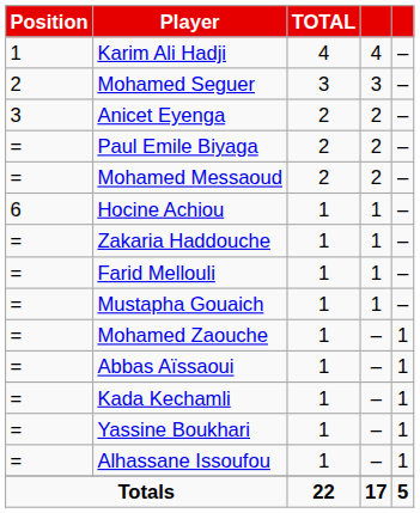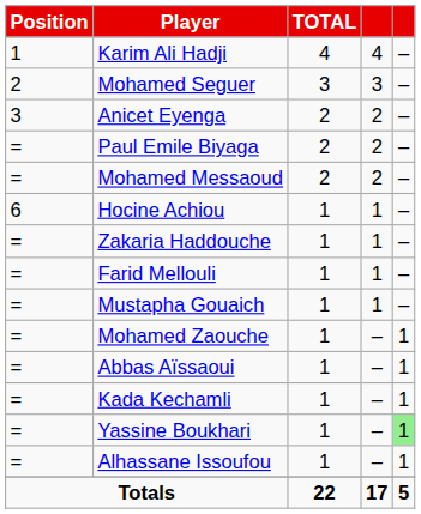 <table border="0" class="wikitable" style="text-align:center;font-size:95%">
 <tr>
 <th scope=col style="color:#FFFFFF; background:#E60000;">Position</th>
 <th scope=col style="color:#FFFFFF; background:#E60000;">Player</th>
 <th scope=col style="color:#FFFFFF; background:#E60000;">TOTAL</th>
 <th scope=col style="color:#FFFFFF; background:#E60000;" width=10><a href='#'></a></th>
 <th scope=col style="color:#FFFFFF; background:#E60000;" width=10><a href='#'></a></th>
 </tr>
 <tr>
 <td align=left>1</td>
 <td align=left> <a href='#'>Karim Ali Hadji</a></td>
 <td align=center>4</td>
 <td>4</td>
 <td>–</td>
 </tr>
 <tr>
 <td align=left>2</td>
 <td align=left> <a href='#'>Mohamed Seguer</a></td>
 <td align=center>3</td>
 <td>3</td>
 <td>–</td>
 </tr>
 <tr>
 <td align=left>3</td>
 <td align=left> <a href='#'>Anicet Eyenga</a></td>
 <td align=center>2</td>
 <td>2</td>
 <td>–</td>
 </tr>
 <tr>
 <td align=left>=</td>
 <td align=left> <a href='#'>Paul Emile Biyaga</a></td>
 <td align=center>2</td>
 <td>2</td>
 <td>–</td>
 </tr>
 <tr>
 <td align=left>=</td>
 <td align=left> <a href='#'>Mohamed Messaoud</a></td>
 <td align=center>2</td>
 <td>2</td>
 <td>–</td>
 </tr>
 <tr>
 <td align=left>6</td>
 <td align=left> <a href='#'>Hocine Achiou</a></td>
 <td align=center>1</td>
 <td>1</td>
 <td>–</td>
 </tr>
 <tr>
 <td align=left>=</td>
 <td align=left> <a href='#'>Zakaria Haddouche</a></td>
 <td align=center>1</td>
 <td>1</td>
 <td>–</td>
 </tr>
 <tr>
 <td align=left>=</td>
 <td align=left> <a href='#'>Farid Mellouli</a></td>
 <td align=center>1</td>
 <td>1</td>
 <td>–</td>
 </tr>
 <tr>
 <td align=left>=</td>
 <td align=left> <a href='#'>Mustapha Gouaich</a></td>
 <td align=center>1</td>
 <td>1</td>
 <td>–</td>
 </tr>
 <tr>
 <td align=left>=</td>
 <td align=left> <a href='#'>Mohamed Zaouche</a></td>
 <td align=center>1</td>
 <td>–</td>
 <td>1</td>
 </tr>
 <tr>
 <td align=left>=</td>
 <td align=left> <a href='#'>Abbas Aïssaoui</a></td>
 <td align=center>1</td>
 <td>–</td>
 <td>1</td>
 </tr>
 <tr>
 <td align=left>=</td>
 <td align=left> <a href='#'>Kada Kechamli</a></td>
 <td align=center>1</td>
 <td>–</td>
 <td>1</td>
 </tr>
 <tr>
 <td align=left>=</td>
 <td align=left> <a href='#'>Yassine Boukhari</a></td>
 <td align=center>1</td>
 <td>–</td>
-<td>1</td>
+<td style="background: lightgreen;">1</td>
 </tr>
 <tr>
 <td align=left>=</td>
 <td align=left> <a href='#'>Alhassane Issoufou</a></td>
 <td align=center>1</td>
 <td>–</td>
 <td>1</td>
 </tr>
 <tr>
 </tr>
 <tr class="sortbottom">
 <td colspan="2"><strong>Totals</strong></td>
 <td align=center><strong>22</strong></td>
 <td><strong>17</strong></td>
 <td><strong>5</strong></td>
 </tr>
 </table>
